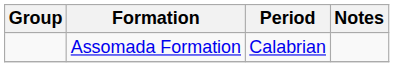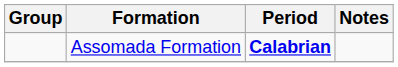 <table class="wikitable sortable">
 <tr>
 <th>Group</th>
 <th>Formation</th>
 <th>Period</th>
 <th class="unsortable">Notes</th>
 </tr>
 <tr>
 <td></td>
 <td><a href='#'>Assomada Formation</a></td>
-<td style="background-color: "><a href='#'>Calabrian</a></td>
+<td style="background-color: "><strong><a href='#'>Calabrian</a></strong></td>
 <td align=center></td>
 </tr>
 <tr>
 </tr>
 </table>
